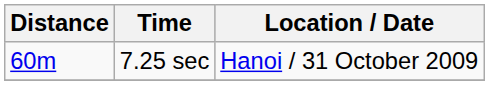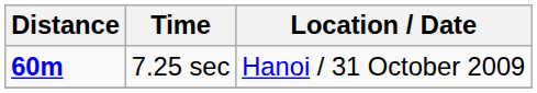 <table class="wikitable">
 <tr>
 <th>Distance</th>
 <th>Time</th>
 <th>Location / Date</th>
 </tr>
 <tr>
-<td><a href='#'>60m</a></td>
+<td><strong><a href='#'>60m</a></strong></td>
 <td>7.25 sec</td>
 <td><a href='#'>Hanoi</a> / 31 October 2009</td>
 </tr>
 <tr>
 </tr>
 </table>
